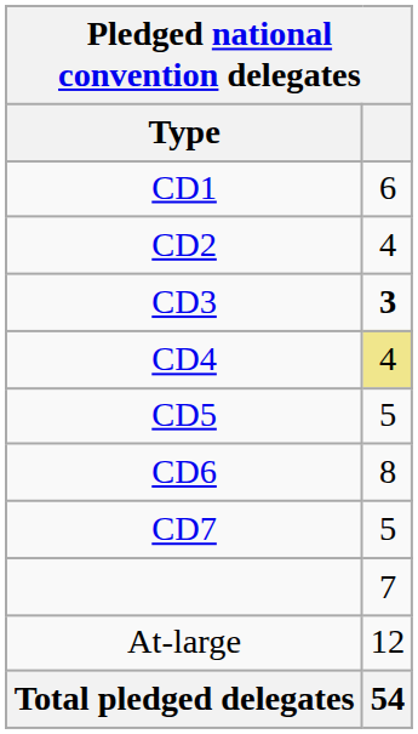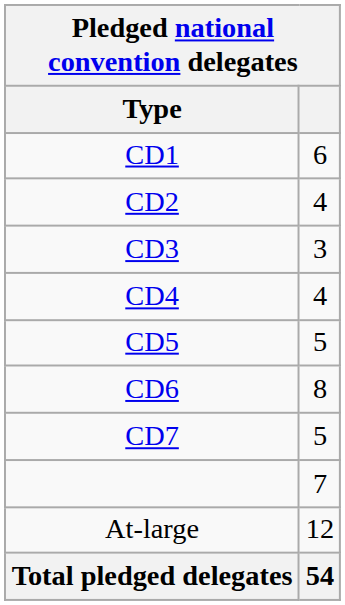 <table class="wikitable sortable" style="font-size:90%;text-align:center;float:none;padding:5px;">
 <tr>
 <th colspan="2">Pledged <a href='#'>national<br>convention</a> delegates</th>
 </tr>
 <tr>
 <th>Type</th>
 <th></th>
 </tr>
 <tr>
 <td><a href='#'>CD1</a></td>
 <td>6</td>
 </tr>
 <tr>
 <td><a href='#'>CD2</a></td>
 <td>4</td>
 </tr>
 <tr>
 <td><a href='#'>CD3</a></td>
-<td><strong>3</strong></td>
+<td>3</td>
 </tr>
 <tr>
 <td><a href='#'>CD4</a></td>
-<td style="background: khaki;">4</td>
+<td>4</td>
 </tr>
 <tr>
 <td><a href='#'>CD5</a></td>
 <td>5</td>
 </tr>
 <tr>
 <td><a href='#'>CD6</a></td>
 <td>8</td>
 </tr>
 <tr>
 <td><a href='#'>CD7</a></td>
 <td>5</td>
 </tr>
 <tr>
 <td></td>
 <td>7</td>
 </tr>
 <tr>
 <td>At-large</td>
 <td>12</td>
 </tr>
 <tr>
 <th>Total pledged delegates</th>
 <th>54</th>
 </tr>
 </table>
